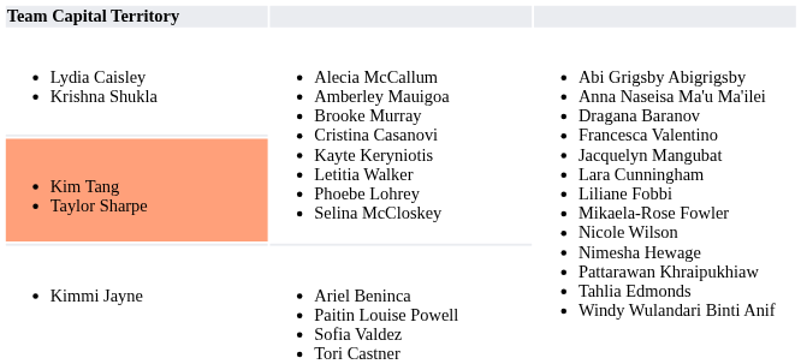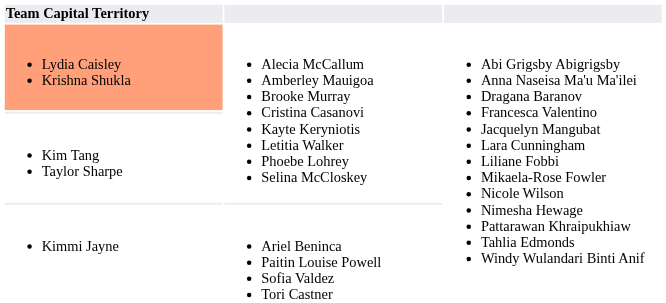 <table>
 <tr>
 <td width=240px bgcolor=#eaecf0><span><strong> Team Capital Territory</strong></span></td>
 <td width=240px bgcolor=#eaecf0><span><strong></strong></span></td>
 <td width=240px bgcolor=#eaecf0><span><strong></strong></span></td>
 </tr>
 <tr style="vertical-align: top;"|>
-<td><br><ul><li>Lydia Caisley</li><li>Krishna Shukla</li></ul></td>
+<td style="background: lightsalmon;"><br><ul><li>Lydia Caisley</li><li>Krishna Shukla</li></ul></td>
 <td rowspan=3><br><ul><li>Alecia McCallum</li><li>Amberley Mauigoa</li><li>Brooke Murray</li><li>Cristina Casanovi</li><li>Kayte Keryniotis</li><li>Letitia Walker</li><li>Phoebe Lohrey</li><li>Selina McCloskey</li></ul></td>
 <td rowspan=7><br><ul><li>Abi Grigsby Abigrigsby</li><li>Anna Naseisa Ma'u Ma'ilei</li><li>Dragana Baranov</li><li>Francesca Valentino</li><li>Jacquelyn Mangubat</li><li>Lara Cunningham</li><li>Liliane Fobbi</li><li>Mikaela-Rose Fowler</li><li>Nicole Wilson</li><li>Nimesha Hewage</li><li>Pattarawan Khraipukhiaw</li><li>Tahlia Edmonds</li><li>Windy Wulandari Binti Anif</li></ul></td>
 </tr>
 <tr>
 <td bgcolor=#eaecf0><span><strong></strong></span></td>
 </tr>
 <tr style="vertical-align: top;"|>
-<td style="background: lightsalmon;"><br><ul><li>Kim Tang</li><li>Taylor Sharpe</li></ul></td>
+<td><br><ul><li>Kim Tang</li><li>Taylor Sharpe</li></ul></td>
 </tr>
 <tr>
 <td bgcolor=#eaecf0><span><strong></strong></span></td>
 <td bgcolor=#eaecf0><span><strong></strong></span></td>
 </tr>
 <tr style="vertical-align: top;"|>
 <td><br><ul><li>Kimmi Jayne</li></ul></td>
 <td rowspan=3><br><ul><li>Ariel Beninca</li><li>Paitin Louise Powell</li><li>Sofia Valdez</li><li>Tori Castner</li></ul></td>
 </tr>
 </table>
